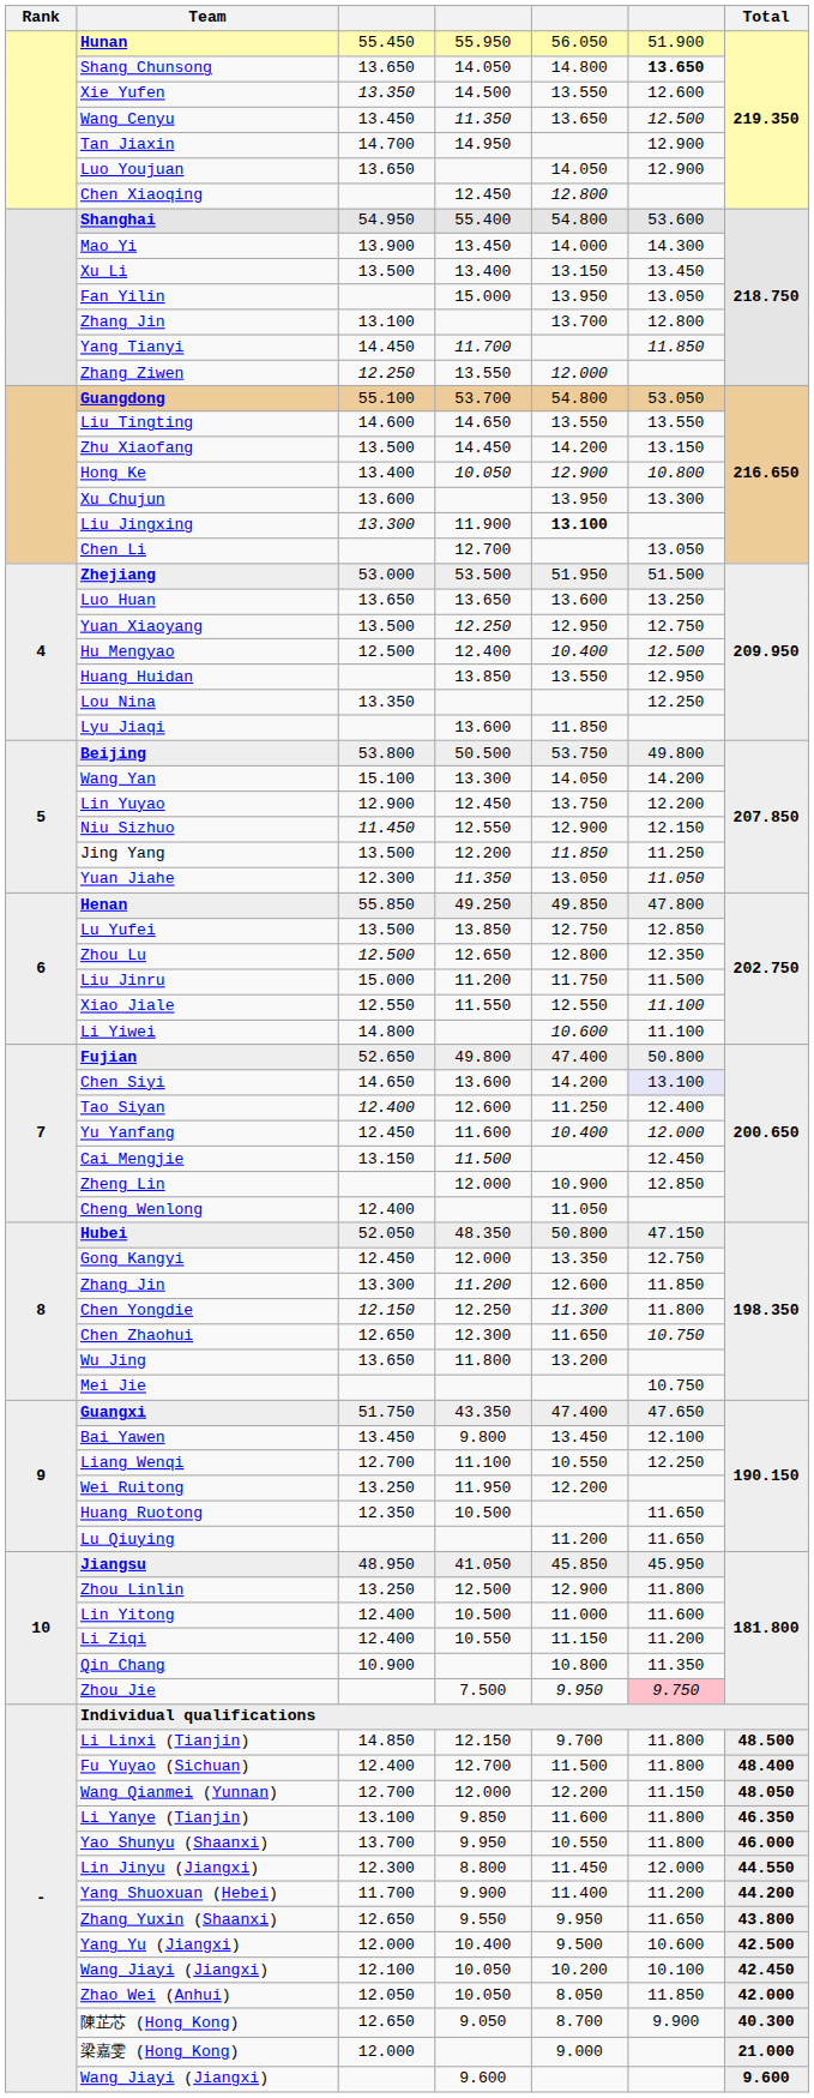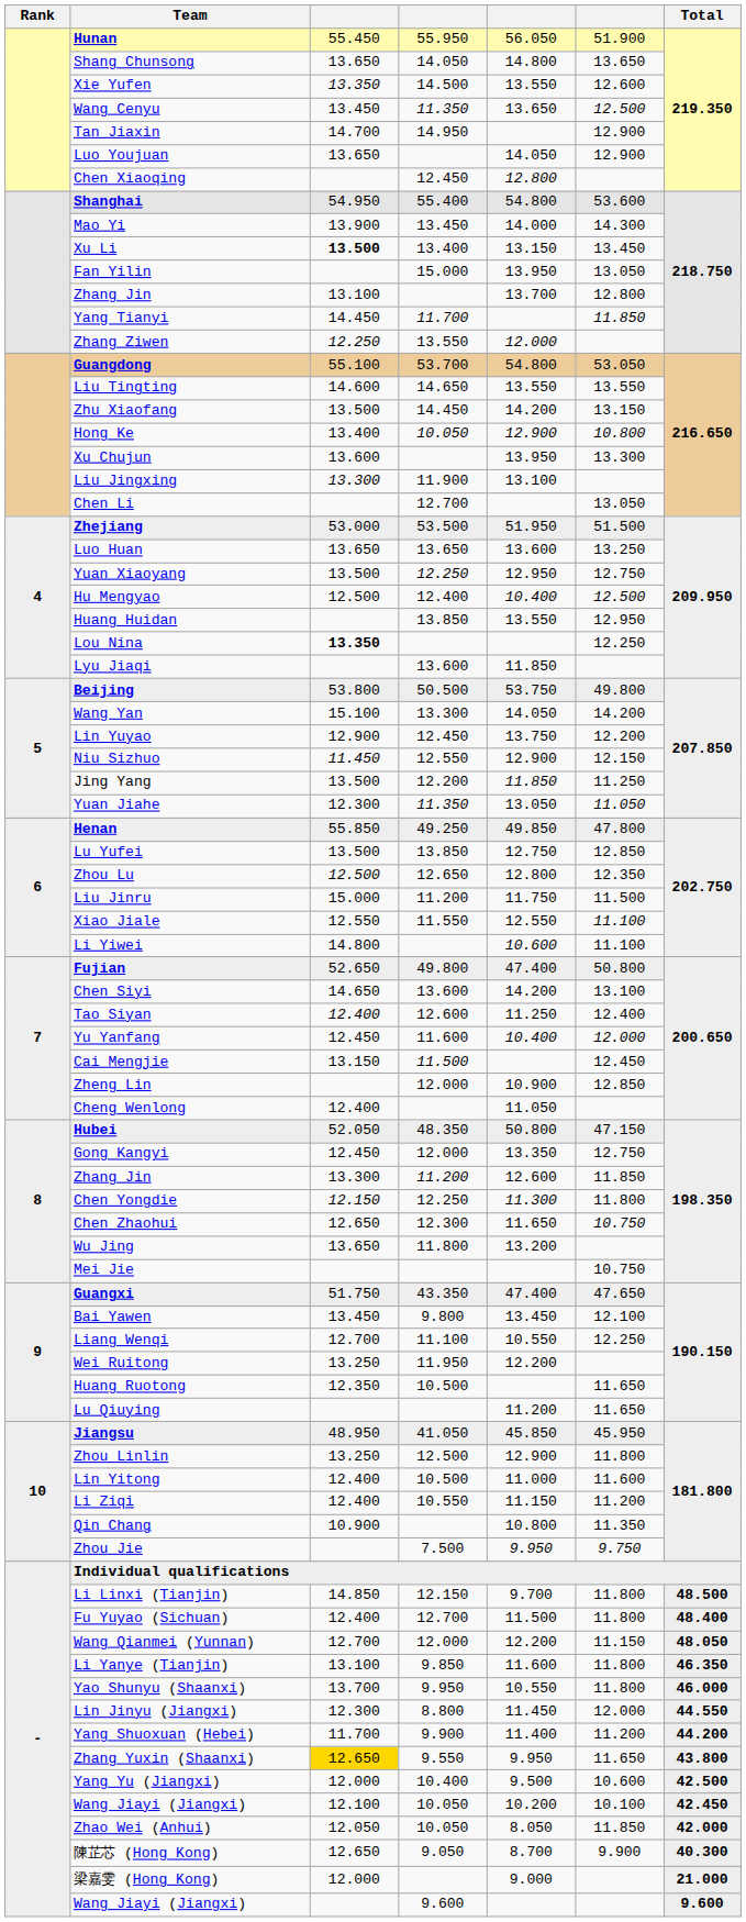 <table class="wikitable" style="text-align:center; font-size:95%">
 <tr>
 <th scope="col" style="width:50px;">Rank</th>
 <th scope="col" style="width:200px;">Team</th>
 <th scope="col" style="width:70px;"></th>
 <th scope="col" style="width:70px;"></th>
 <th scope="col" style="width:70px;"></th>
 <th scope="col" style="width:70px;"></th>
 <th scope="col" style="width:60px;">Total</th>
 </tr>
 <tr style="background:#fffcaf;">
 <td rowspan=7></td>
 <td style="text-align:left;"><strong><a href='#'>Hunan</a></strong></td>
 <td>55.450</td>
 <td>55.950</td>
 <td>56.050</td>
 <td>51.900</td>
 <td rowspan=7><strong>219.350</strong></td>
 </tr>
 <tr>
 <td style="text-align:left;"><a href='#'>Shang Chunsong</a></td>
 <td>13.650</td>
 <td>14.050</td>
 <td>14.800</td>
-<td><strong>13.650</strong></td>
+<td>13.650</td>
 </tr>
 <tr>
 <td style="text-align:left;"><a href='#'>Xie Yufen</a></td>
 <td><em>13.350</em></td>
 <td>14.500</td>
 <td>13.550</td>
 <td>12.600</td>
 </tr>
 <tr>
 <td style="text-align:left;"><a href='#'>Wang Cenyu</a></td>
 <td>13.450</td>
 <td><em>11.350</em></td>
 <td>13.650</td>
 <td><em>12.500</em></td>
 </tr>
 <tr>
 <td style="text-align:left;"><a href='#'>Tan Jiaxin</a></td>
 <td>14.700</td>
 <td>14.950</td>
 <td></td>
 <td>12.900</td>
 </tr>
 <tr>
 <td style="text-align:left;"><a href='#'>Luo Youjuan</a></td>
 <td>13.650</td>
 <td></td>
 <td>14.050</td>
 <td>12.900</td>
 </tr>
 <tr>
 <td style="text-align:left;"><a href='#'>Chen Xiaoqing</a></td>
 <td></td>
 <td>12.450</td>
 <td><em>12.800</em></td>
 <td></td>
 </tr>
 <tr style="background:#e5e5e5;">
 <td rowspan=7></td>
 <td style="text-align:left;"><strong><a href='#'>Shanghai</a></strong></td>
 <td>54.950</td>
 <td>55.400</td>
 <td>54.800</td>
 <td>53.600</td>
 <td rowspan=7><strong>218.750</strong></td>
 </tr>
 <tr>
 <td style="text-align:left;"><a href='#'>Mao Yi</a></td>
 <td>13.900</td>
 <td>13.450</td>
 <td>14.000</td>
 <td>14.300</td>
 </tr>
 <tr>
 <td style="text-align:left;"><a href='#'>Xu Li</a></td>
-<td>13.500</td>
+<td><strong>13.500</strong></td>
 <td>13.400</td>
 <td>13.150</td>
 <td>13.450</td>
 </tr>
 <tr>
 <td style="text-align:left;"><a href='#'>Fan Yilin</a></td>
 <td></td>
 <td>15.000</td>
 <td>13.950</td>
 <td>13.050</td>
 </tr>
 <tr>
 <td style="text-align:left;"><a href='#'>Zhang Jin</a></td>
 <td>13.100</td>
 <td></td>
 <td>13.700</td>
 <td>12.800</td>
 </tr>
 <tr>
 <td style="text-align:left;"><a href='#'>Yang Tianyi</a></td>
 <td>14.450</td>
 <td><em>11.700</em></td>
 <td></td>
 <td><em>11.850</em></td>
 </tr>
 <tr>
 <td style="text-align:left;"><a href='#'>Zhang Ziwen</a></td>
 <td><em>12.250</em></td>
 <td>13.550</td>
 <td><em>12.000</em></td>
 <td></td>
 </tr>
 <tr style="background:#ec9;">
 <td rowspan=7></td>
 <td style="text-align:left;"><strong><a href='#'>Guangdong</a></strong></td>
 <td>55.100</td>
 <td>53.700</td>
 <td>54.800</td>
 <td>53.050</td>
 <td rowspan=7><strong>216.650</strong></td>
 </tr>
 <tr>
 <td style="text-align:left;"><a href='#'>Liu Tingting</a></td>
 <td>14.600</td>
 <td>14.650</td>
 <td>13.550</td>
 <td>13.550</td>
 </tr>
 <tr>
 <td style="text-align:left;"><a href='#'>Zhu Xiaofang</a></td>
 <td>13.500</td>
 <td>14.450</td>
 <td>14.200</td>
 <td>13.150</td>
 </tr>
 <tr>
 <td style="text-align:left;"><a href='#'>Hong Ke</a></td>
 <td>13.400</td>
 <td><em>10.050</em></td>
 <td><em>12.900</em></td>
 <td><em>10.800</em></td>
 </tr>
 <tr>
 <td style="text-align:left;"><a href='#'>Xu Chujun</a></td>
 <td>13.600</td>
 <td></td>
 <td>13.950</td>
 <td>13.300</td>
 </tr>
 <tr>
 <td style="text-align:left;"><a href='#'>Liu Jingxing</a></td>
 <td><em>13.300</em></td>
 <td>11.900</td>
-<td><strong>13.100</strong></td>
+<td>13.100</td>
 <td></td>
 </tr>
 <tr>
 <td style="text-align:left;"><a href='#'>Chen Li</a></td>
 <td></td>
 <td>12.700</td>
 <td></td>
 <td>13.050</td>
 </tr>
 <tr style="background:#eee;">
 <td rowspan=7><strong>4</strong></td>
 <td style="text-align:left;"><strong><a href='#'>Zhejiang</a></strong></td>
 <td>53.000</td>
 <td>53.500</td>
 <td>51.950</td>
 <td>51.500</td>
 <td rowspan=7><strong>209.950</strong></td>
 </tr>
 <tr>
 <td style="text-align:left;"><a href='#'>Luo Huan</a></td>
 <td>13.650</td>
 <td>13.650</td>
 <td>13.600</td>
 <td>13.250</td>
 </tr>
 <tr>
 <td style="text-align:left;"><a href='#'>Yuan Xiaoyang</a></td>
 <td>13.500</td>
 <td><em>12.250</em></td>
 <td>12.950</td>
 <td>12.750</td>
 </tr>
 <tr>
 <td style="text-align:left;"><a href='#'>Hu Mengyao</a></td>
 <td>12.500</td>
 <td>12.400</td>
 <td><em>10.400</em></td>
 <td><em>12.500</em></td>
 </tr>
 <tr>
 <td style="text-align:left;"><a href='#'>Huang Huidan</a></td>
 <td></td>
 <td>13.850</td>
 <td>13.550</td>
 <td>12.950</td>
 </tr>
 <tr>
 <td style="text-align:left;"><a href='#'>Lou Nina</a></td>
-<td>13.350</td>
+<td><strong>13.350</strong></td>
 <td></td>
 <td></td>
 <td>12.250</td>
 </tr>
 <tr>
 <td style="text-align:left;"><a href='#'>Lyu Jiaqi</a></td>
 <td></td>
 <td>13.600</td>
 <td>11.850</td>
 <td></td>
 </tr>
 <tr style="background:#eee;">
 <td rowspan=6><strong>5</strong></td>
 <td style="text-align:left;"><strong><a href='#'>Beijing</a></strong></td>
 <td>53.800</td>
 <td>50.500</td>
 <td>53.750</td>
 <td>49.800</td>
 <td rowspan=6><strong>207.850</strong></td>
 </tr>
 <tr>
 <td style="text-align:left;"><a href='#'>Wang Yan</a></td>
 <td>15.100</td>
 <td>13.300</td>
 <td>14.050</td>
 <td>14.200</td>
 </tr>
 <tr>
 <td style="text-align:left;"><a href='#'>Lin Yuyao</a></td>
 <td>12.900</td>
 <td>12.450</td>
 <td>13.750</td>
 <td>12.200</td>
 </tr>
 <tr>
 <td style="text-align:left;"><a href='#'>Niu Sizhuo</a></td>
 <td><em>11.450</em></td>
 <td>12.550</td>
 <td>12.900</td>
 <td>12.150</td>
 </tr>
 <tr>
 <td style="text-align:left;">Jing Yang</td>
 <td>13.500</td>
 <td>12.200</td>
 <td><em>11.850</em></td>
 <td>11.250</td>
 </tr>
 <tr>
 <td style="text-align:left;"><a href='#'>Yuan Jiahe</a></td>
 <td>12.300</td>
 <td><em>11.350</em></td>
 <td>13.050</td>
 <td><em>11.050</em></td>
 </tr>
 <tr style="background:#eee;">
 <td rowspan=6><strong>6</strong></td>
 <td style="text-align:left;"><strong><a href='#'>Henan</a></strong></td>
 <td>55.850</td>
 <td>49.250</td>
 <td>49.850</td>
 <td>47.800</td>
 <td rowspan=6><strong>202.750</strong></td>
 </tr>
 <tr>
 <td style="text-align:left;"><a href='#'>Lu Yufei</a></td>
 <td>13.500</td>
 <td>13.850</td>
 <td>12.750</td>
 <td>12.850</td>
 </tr>
 <tr>
 <td style="text-align:left;"><a href='#'>Zhou Lu</a></td>
 <td><em>12.500</em></td>
 <td>12.650</td>
 <td>12.800</td>
 <td>12.350</td>
 </tr>
 <tr>
 <td style="text-align:left;"><a href='#'>Liu Jinru</a></td>
 <td>15.000</td>
 <td>11.200</td>
 <td>11.750</td>
 <td>11.500</td>
 </tr>
 <tr>
 <td style="text-align:left;"><a href='#'>Xiao Jiale</a></td>
 <td>12.550</td>
 <td>11.550</td>
 <td>12.550</td>
 <td><em>11.100</em></td>
 </tr>
 <tr>
 <td style="text-align:left;"><a href='#'>Li Yiwei</a></td>
 <td>14.800</td>
 <td></td>
 <td><em>10.600</em></td>
 <td>11.100</td>
 </tr>
 <tr style="background:#eee;">
 <td rowspan=7><strong>7</strong></td>
 <td style="text-align:left;"><strong><a href='#'>Fujian</a></strong></td>
 <td>52.650</td>
 <td>49.800</td>
 <td>47.400</td>
 <td>50.800</td>
 <td rowspan=7><strong>200.650</strong></td>
 </tr>
 <tr>
 <td style="text-align:left;"><a href='#'>Chen Siyi</a></td>
 <td>14.650</td>
 <td>13.600</td>
 <td>14.200</td>
-<td style="background: lavender;">13.100</td>
+<td>13.100</td>
 </tr>
 <tr>
 <td style="text-align:left;"><a href='#'>Tao Siyan</a></td>
 <td><em>12.400</em></td>
 <td>12.600</td>
 <td>11.250</td>
 <td>12.400</td>
 </tr>
 <tr>
 <td style="text-align:left;"><a href='#'>Yu Yanfang</a></td>
 <td>12.450</td>
 <td>11.600</td>
 <td><em>10.400</em></td>
 <td><em>12.000</em></td>
 </tr>
 <tr>
 <td style="text-align:left;"><a href='#'>Cai Mengjie</a></td>
 <td>13.150</td>
 <td><em>11.500</em></td>
 <td></td>
 <td>12.450</td>
 </tr>
 <tr>
 <td style="text-align:left;"><a href='#'>Zheng Lin</a></td>
 <td></td>
 <td>12.000</td>
 <td>10.900</td>
 <td>12.850</td>
 </tr>
 <tr>
 <td style="text-align:left;"><a href='#'>Cheng Wenlong</a></td>
 <td>12.400</td>
 <td></td>
 <td>11.050</td>
 <td></td>
 </tr>
 <tr style="background:#eee;">
 <td rowspan=7><strong>8</strong></td>
 <td style="text-align:left;"><strong><a href='#'>Hubei</a></strong></td>
 <td>52.050</td>
 <td>48.350</td>
 <td>50.800</td>
 <td>47.150</td>
 <td rowspan=7><strong>198.350</strong></td>
 </tr>
 <tr>
 <td style="text-align:left;"><a href='#'>Gong Kangyi</a></td>
 <td>12.450</td>
 <td>12.000</td>
 <td>13.350</td>
 <td>12.750</td>
 </tr>
 <tr>
 <td style="text-align:left;"><a href='#'>Zhang Jin</a></td>
 <td>13.300</td>
 <td><em>11.200</em></td>
 <td>12.600</td>
 <td>11.850</td>
 </tr>
 <tr>
 <td style="text-align:left;"><a href='#'>Chen Yongdie</a></td>
 <td><em>12.150</em></td>
 <td>12.250</td>
 <td><em>11.300</em></td>
 <td>11.800</td>
 </tr>
 <tr>
 <td style="text-align:left;"><a href='#'>Chen Zhaohui</a></td>
 <td>12.650</td>
 <td>12.300</td>
 <td>11.650</td>
 <td><em>10.750</em></td>
 </tr>
 <tr>
 <td style="text-align:left;"><a href='#'>Wu Jing</a></td>
 <td>13.650</td>
 <td>11.800</td>
 <td>13.200</td>
 <td></td>
 </tr>
 <tr>
 <td style="text-align:left;"><a href='#'>Mei Jie</a></td>
 <td></td>
 <td></td>
 <td></td>
 <td>10.750</td>
 </tr>
 <tr style="background:#eee;">
 <td rowspan=6><strong>9</strong></td>
 <td style="text-align:left;"><strong><a href='#'>Guangxi</a></strong></td>
 <td>51.750</td>
 <td>43.350</td>
 <td>47.400</td>
 <td>47.650</td>
 <td rowspan=6><strong>190.150</strong></td>
 </tr>
 <tr>
 <td style="text-align:left;"><a href='#'>Bai Yawen</a></td>
 <td>13.450</td>
 <td>9.800</td>
 <td>13.450</td>
 <td>12.100</td>
 </tr>
 <tr>
 <td style="text-align:left;"><a href='#'>Liang Wenqi</a></td>
 <td>12.700</td>
 <td>11.100</td>
 <td>10.550</td>
 <td>12.250</td>
 </tr>
 <tr>
 <td style="text-align:left;"><a href='#'>Wei Ruitong</a></td>
 <td>13.250</td>
 <td>11.950</td>
 <td>12.200</td>
 <td></td>
 </tr>
 <tr>
 <td style="text-align:left;"><a href='#'>Huang Ruotong</a></td>
 <td>12.350</td>
 <td>10.500</td>
 <td></td>
 <td>11.650</td>
 </tr>
 <tr>
 <td style="text-align:left;"><a href='#'>Lu Qiuying</a></td>
 <td></td>
 <td></td>
 <td>11.200</td>
 <td>11.650</td>
 </tr>
 <tr style="background:#eee;">
 <td rowspan=6><strong>10</strong></td>
 <td style="text-align:left;"><strong><a href='#'>Jiangsu</a></strong></td>
 <td>48.950</td>
 <td>41.050</td>
 <td>45.850</td>
 <td>45.950</td>
 <td rowspan=6><strong>181.800</strong></td>
 </tr>
 <tr>
 <td style="text-align:left;"><a href='#'>Zhou Linlin</a></td>
 <td>13.250</td>
 <td>12.500</td>
 <td>12.900</td>
 <td>11.800</td>
 </tr>
 <tr>
 <td style="text-align:left;"><a href='#'>Lin Yitong</a></td>
 <td>12.400</td>
 <td>10.500</td>
 <td>11.000</td>
 <td>11.600</td>
 </tr>
 <tr>
 <td style="text-align:left;"><a href='#'>Li Ziqi</a></td>
 <td>12.400</td>
 <td>10.550</td>
 <td>11.150</td>
 <td>11.200</td>
 </tr>
 <tr>
 <td style="text-align:left;"><a href='#'>Qin Chang</a></td>
 <td>10.900</td>
 <td></td>
 <td>10.800</td>
 <td>11.350</td>
 </tr>
 <tr>
 <td style="text-align:left;"><a href='#'>Zhou Jie</a></td>
 <td></td>
 <td>7.500</td>
 <td><em>9.950</em></td>
-<td style="background: pink;"><em>9.750</em></td>
+<td><em>9.750</em></td>
 </tr>
 <tr style="background:#eee;">
 <td rowspan=15><strong>-</strong></td>
 <td colspan = 6 style="text-align:left;"><strong>Individual qualifications</strong></td>
 </tr>
 <tr>
 <td style="text-align:left;"><a href='#'>Li Linxi</a> (<a href='#'>Tianjin</a>)</td>
 <td>14.850</td>
 <td>12.150</td>
 <td>9.700</td>
 <td>11.800</td>
 <td style="background:#eee;"><strong>48.500</strong></td>
 </tr>
 <tr>
 <td style="text-align:left;"><a href='#'>Fu Yuyao</a> (<a href='#'>Sichuan</a>)</td>
 <td>12.400</td>
 <td>12.700</td>
 <td>11.500</td>
 <td>11.800</td>
 <td style="background:#eee;"><strong>48.400</strong></td>
 </tr>
 <tr>
 <td style="text-align:left;"><a href='#'>Wang Qianmei</a> (<a href='#'>Yunnan</a>)</td>
 <td>12.700</td>
 <td>12.000</td>
 <td>12.200</td>
 <td>11.150</td>
 <td style="background:#eee;"><strong>48.050</strong></td>
 </tr>
 <tr>
 <td style="text-align:left;"><a href='#'>Li Yanye</a> (<a href='#'>Tianjin</a>)</td>
 <td>13.100</td>
 <td>9.850</td>
 <td>11.600</td>
 <td>11.800</td>
 <td style="background:#eee;"><strong>46.350</strong></td>
 </tr>
 <tr>
 <td style="text-align:left;"><a href='#'>Yao Shunyu</a> (<a href='#'>Shaanxi</a>)</td>
 <td>13.700</td>
 <td>9.950</td>
 <td>10.550</td>
 <td>11.800</td>
 <td style="background:#eee;"><strong>46.000</strong></td>
 </tr>
 <tr>
 <td style="text-align:left;"><a href='#'>Lin Jinyu</a> (<a href='#'>Jiangxi</a>)</td>
 <td>12.300</td>
 <td>8.800</td>
 <td>11.450</td>
 <td>12.000</td>
 <td style="background:#eee;"><strong>44.550</strong></td>
 </tr>
 <tr>
 <td style="text-align:left;"><a href='#'>Yang Shuoxuan</a> (<a href='#'>Hebei</a>)</td>
 <td>11.700</td>
 <td>9.900</td>
 <td>11.400</td>
 <td>11.200</td>
 <td style="background:#eee;"><strong>44.200</strong></td>
 </tr>
 <tr>
 <td style="text-align:left;"><a href='#'>Zhang Yuxin</a> (<a href='#'>Shaanxi</a>)</td>
-<td>12.650</td>
+<td style="background: gold;">12.650</td>
 <td>9.550</td>
 <td>9.950</td>
 <td>11.650</td>
 <td style="background:#eee;"><strong>43.800</strong></td>
 </tr>
 <tr>
 <td style="text-align:left;"><a href='#'>Yang Yu</a> (<a href='#'>Jiangxi</a>)</td>
 <td>12.000</td>
 <td>10.400</td>
 <td>9.500</td>
 <td>10.600</td>
 <td style="background:#eee;"><strong>42.500</strong></td>
 </tr>
 <tr>
 <td style="text-align:left;"><a href='#'>Wang Jiayi</a> (<a href='#'>Jiangxi</a>)</td>
 <td>12.100</td>
 <td>10.050</td>
 <td>10.200</td>
 <td>10.100</td>
 <td style="background:#eee;"><strong>42.450</strong></td>
 </tr>
 <tr>
 <td style="text-align:left;"><a href='#'>Zhao Wei</a> (<a href='#'>Anhui</a>)</td>
 <td>12.050</td>
 <td>10.050</td>
 <td>8.050</td>
 <td>11.850</td>
 <td style="background:#eee;"><strong>42.000</strong></td>
 </tr>
 <tr>
 <td style="text-align:left;">陳芷芯 (<a href='#'>Hong Kong</a>)</td>
 <td>12.650</td>
 <td>9.050</td>
 <td>8.700</td>
 <td>9.900</td>
 <td style="background:#eee;"><strong>40.300</strong></td>
 </tr>
 <tr>
 <td style="text-align:left;">梁嘉雯 (<a href='#'>Hong Kong</a>)</td>
 <td>12.000</td>
 <td></td>
 <td>9.000</td>
 <td></td>
 <td style="background:#eee;"><strong>21.000</strong></td>
 </tr>
 <tr>
 <td style="text-align:left;"><a href='#'>Wang Jiayi</a> (<a href='#'>Jiangxi</a>)</td>
 <td></td>
 <td>9.600</td>
 <td></td>
 <td></td>
 <td style="background:#eee;"><strong>9.600</strong></td>
 </tr>
 </table>
